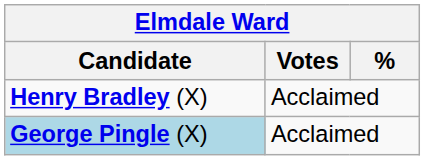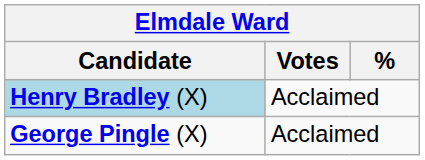 <table class="wikitable">
 <tr>
 <th colspan="3"><a href='#'>Elmdale Ward</a></th>
 </tr>
 <tr>
 <th style="width: 170px">Candidate</th>
 <th style="width: 50px">Votes</th>
 <th style="width: 40px">%</th>
 </tr>
 <tr>
-<td><strong><a href='#'>Henry Bradley</a></strong> (X)</td>
+<td style="background: lightblue;"><strong><a href='#'>Henry Bradley</a></strong> (X)</td>
 <td colspan="2">Acclaimed</td>
 </tr>
 <tr>
-<td style="background: lightblue;"><strong><a href='#'>George Pingle</a></strong> (X)</td>
+<td><strong><a href='#'>George Pingle</a></strong> (X)</td>
 <td colspan="2">Acclaimed</td>
 </tr>
 </table>
